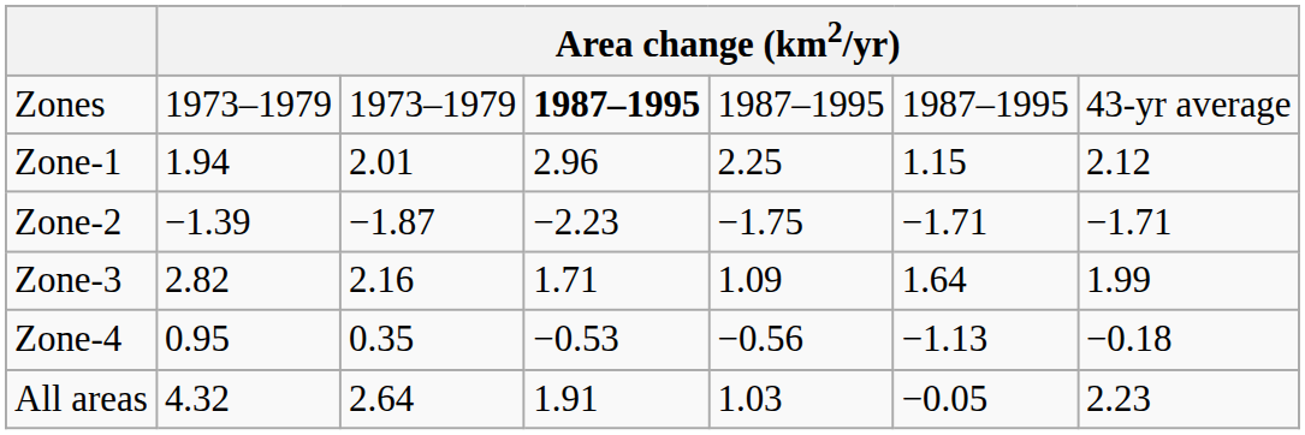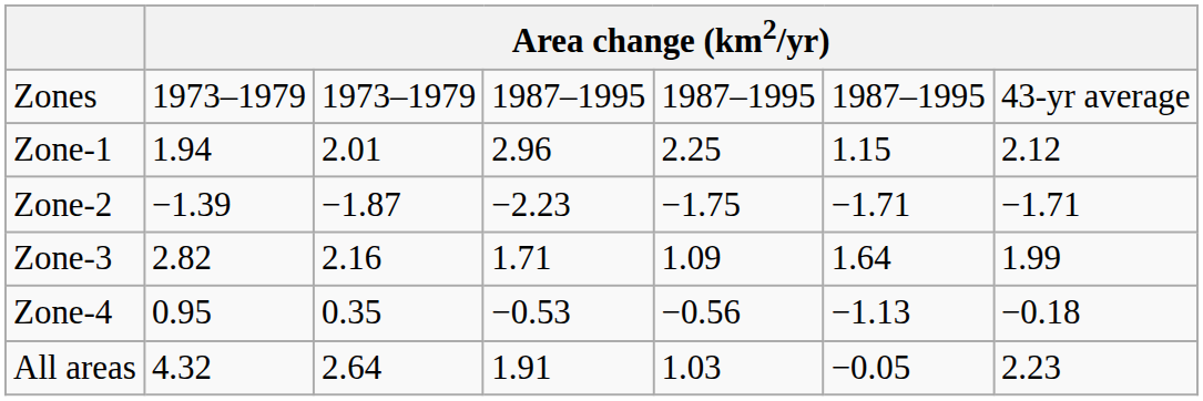 <table class="wikitable">
 <tr>
 <th></th>
 <th colspan="6">Area change (km<sup>2</sup>/yr)</th>
 </tr>
 <tr>
 <td>Zones</td>
 <td>1973–1979</td>
 <td>1973–1979</td>
-<td><strong>1987–1995</strong></td>
+<td>1987–1995</td>
 <td>1987–1995</td>
 <td>1987–1995</td>
 <td>43-yr average</td>
 </tr>
 <tr>
 <td>Zone-1</td>
 <td>1.94</td>
 <td>2.01</td>
 <td>2.96</td>
 <td>2.25</td>
 <td>1.15</td>
 <td>2.12</td>
 </tr>
 <tr>
 <td>Zone-2</td>
 <td>−1.39</td>
 <td>−1.87</td>
 <td>−2.23</td>
 <td>−1.75</td>
 <td>−1.71</td>
 <td>−1.71</td>
 </tr>
 <tr>
 <td>Zone-3</td>
 <td>2.82</td>
 <td>2.16</td>
 <td>1.71</td>
 <td>1.09</td>
 <td>1.64</td>
 <td>1.99</td>
 </tr>
 <tr>
 <td>Zone-4</td>
 <td>0.95</td>
 <td>0.35</td>
 <td>−0.53</td>
 <td>−0.56</td>
 <td>−1.13</td>
 <td>−0.18</td>
 </tr>
 <tr>
 <td>All areas</td>
 <td>4.32</td>
 <td>2.64</td>
 <td>1.91</td>
 <td>1.03</td>
 <td>−0.05</td>
 <td>2.23</td>
 </tr>
 </table>
